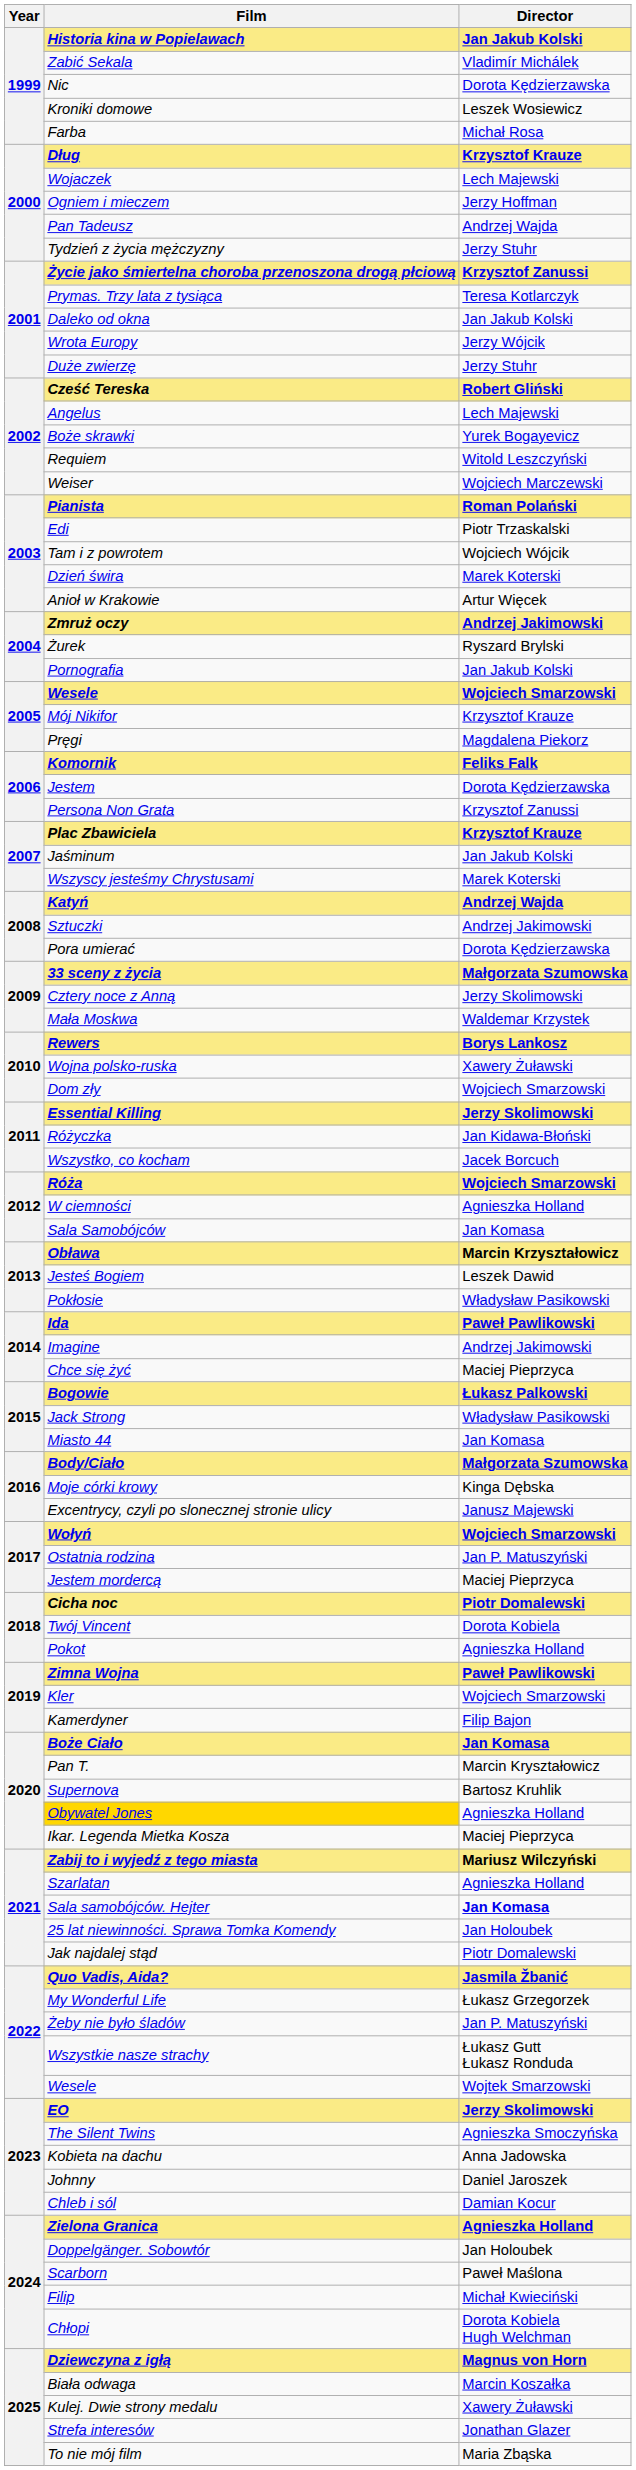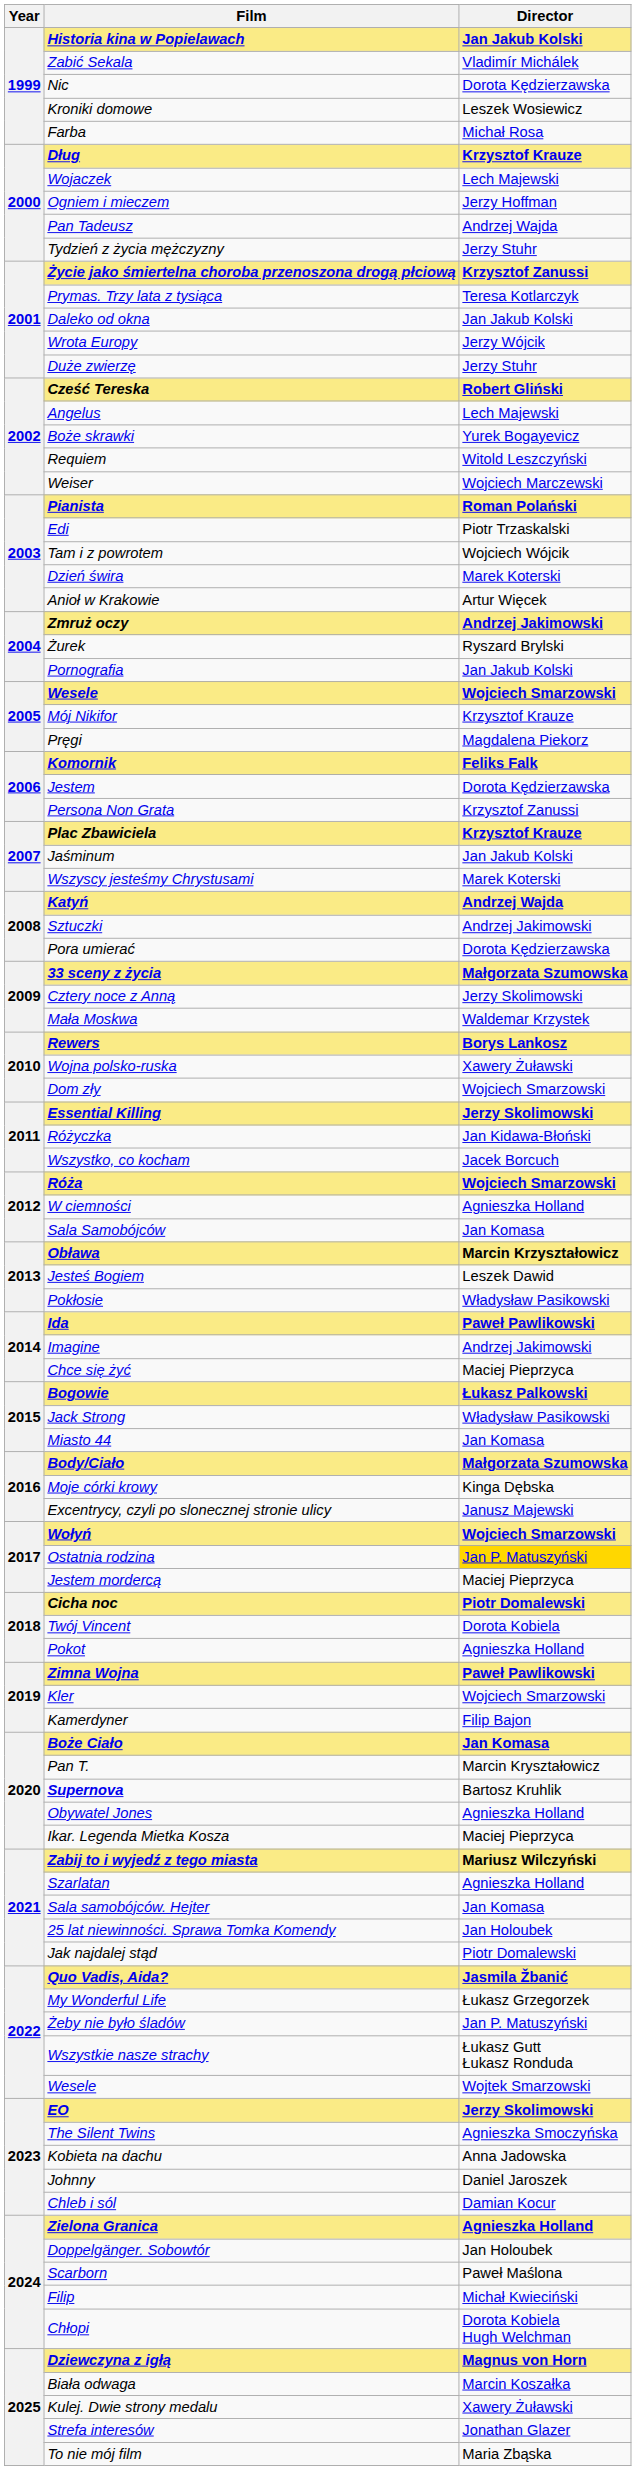 <table class="wikitable">
 <tr>
 <th>Year</th>
 <th>Film</th>
 <th>Director</th>
 </tr>
 <tr>
 <th rowspan="5"><a href='#'>1999</a></th>
 <td style="background:#FAEB86;"><strong><em><a href='#'>Historia kina w Popielawach</a></em></strong></td>
 <td style="background:#FAEB86;"><strong><a href='#'>Jan Jakub Kolski</a></strong></td>
 </tr>
 <tr>
 <td><em><a href='#'>Zabić Sekala</a></em></td>
 <td><a href='#'>Vladimír Michálek</a></td>
 </tr>
 <tr>
 <td><em>Nic</em></td>
 <td><a href='#'>Dorota Kędzierzawska</a></td>
 </tr>
 <tr>
 <td><em>Kroniki domowe</em></td>
 <td>Leszek Wosiewicz</td>
 </tr>
 <tr>
 <td><em>Farba</em></td>
 <td><a href='#'>Michał Rosa</a></td>
 </tr>
 <tr>
 <th rowspan="5"><a href='#'>2000</a></th>
 <td style="background:#FAEB86;"><strong><em><a href='#'>Dług</a></em></strong></td>
 <td style="background:#FAEB86;"><strong><a href='#'>Krzysztof Krauze</a></strong></td>
 </tr>
 <tr>
 <td><em><a href='#'>Wojaczek</a></em></td>
 <td><a href='#'>Lech Majewski</a></td>
 </tr>
 <tr>
 <td><em><a href='#'>Ogniem i mieczem</a></em></td>
 <td><a href='#'>Jerzy Hoffman</a></td>
 </tr>
 <tr>
 <td><em><a href='#'>Pan Tadeusz</a></em></td>
 <td><a href='#'>Andrzej Wajda</a></td>
 </tr>
 <tr>
 <td><em>Tydzień z życia mężczyzny</em></td>
 <td><a href='#'>Jerzy Stuhr</a></td>
 </tr>
 <tr>
 <th rowspan="5"><a href='#'>2001</a></th>
 <td style="background:#FAEB86;"><strong><em><a href='#'>Życie jako śmiertelna choroba przenoszona drogą płciową</a></em></strong></td>
 <td style="background:#FAEB86;"><strong><a href='#'>Krzysztof Zanussi</a></strong></td>
 </tr>
 <tr>
 <td><em><a href='#'>Prymas. Trzy lata z tysiąca</a></em></td>
 <td><a href='#'>Teresa Kotlarczyk</a></td>
 </tr>
 <tr>
 <td><em><a href='#'>Daleko od okna</a></em></td>
 <td><a href='#'>Jan Jakub Kolski</a></td>
 </tr>
 <tr>
 <td><em><a href='#'>Wrota Europy</a></em></td>
 <td><a href='#'>Jerzy Wójcik</a></td>
 </tr>
 <tr>
 <td><em><a href='#'>Duże zwierzę</a></em></td>
 <td><a href='#'>Jerzy Stuhr</a></td>
 </tr>
 <tr>
 <th rowspan="5"><a href='#'>2002</a></th>
 <td style="background:#FAEB86;"><strong><em>Cześć Tereska</em></strong></td>
 <td style="background:#FAEB86;"><strong><a href='#'>Robert Gliński</a></strong></td>
 </tr>
 <tr>
 <td><em><a href='#'>Angelus</a></em></td>
 <td><a href='#'>Lech Majewski</a></td>
 </tr>
 <tr>
 <td><em><a href='#'>Boże skrawki</a></em></td>
 <td><a href='#'>Yurek Bogayevicz</a></td>
 </tr>
 <tr>
 <td><em>Requiem</em></td>
 <td><a href='#'>Witold Leszczyński</a></td>
 </tr>
 <tr>
 <td><em>Weiser</em></td>
 <td><a href='#'>Wojciech Marczewski</a></td>
 </tr>
 <tr>
 <th rowspan= "5"><a href='#'>2003</a></th>
 <td style="background:#FAEB86;"><strong><em><a href='#'>Pianista</a></em></strong></td>
 <td style="background:#FAEB86;"><strong><a href='#'>Roman Polański</a></strong></td>
 </tr>
 <tr>
 <td><em><a href='#'>Edi</a></em></td>
 <td>Piotr Trzaskalski</td>
 </tr>
 <tr>
 <td><em>Tam i z powrotem</em></td>
 <td>Wojciech Wójcik</td>
 </tr>
 <tr>
 <td><em><a href='#'>Dzień świra</a></em></td>
 <td><a href='#'>Marek Koterski</a></td>
 </tr>
 <tr>
 <td><em>Anioł w Krakowie</em></td>
 <td>Artur Więcek</td>
 </tr>
 <tr>
 <th rowspan= "3"><a href='#'>2004</a></th>
 <td style="background:#FAEB86;"><strong><em>Zmruż oczy</em></strong></td>
 <td style="background:#FAEB86;"><strong><a href='#'>Andrzej Jakimowski</a></strong></td>
 </tr>
 <tr>
 <td><em>Żurek</em></td>
 <td>Ryszard Brylski</td>
 </tr>
 <tr>
 <td><em><a href='#'>Pornografia</a></em></td>
 <td><a href='#'>Jan Jakub Kolski</a></td>
 </tr>
 <tr>
 <th rowspan= "3"><a href='#'>2005</a></th>
 <td style="background:#FAEB86;"><strong><em><a href='#'>Wesele</a></em></strong></td>
 <td style="background:#FAEB86;"><strong><a href='#'>Wojciech Smarzowski</a></strong></td>
 </tr>
 <tr>
 <td><em><a href='#'>Mój Nikifor</a></em></td>
 <td><a href='#'>Krzysztof Krauze</a></td>
 </tr>
 <tr>
 <td><em>Pręgi</em></td>
 <td><a href='#'>Magdalena Piekorz</a></td>
 </tr>
 <tr>
 <th rowspan= "3"><a href='#'>2006</a></th>
 <td style="background:#FAEB86;"><strong><em><a href='#'>Komornik</a></em></strong></td>
 <td style="background:#FAEB86;"><strong><a href='#'>Feliks Falk</a></strong></td>
 </tr>
 <tr>
 <td><em><a href='#'>Jestem</a></em></td>
 <td><a href='#'>Dorota Kędzierzawska</a></td>
 </tr>
 <tr>
 <td><em><a href='#'>Persona Non Grata</a></em></td>
 <td><a href='#'>Krzysztof Zanussi</a></td>
 </tr>
 <tr>
 <th rowspan= "3"><a href='#'>2007</a></th>
 <td style="background:#FAEB86;"><strong><em>Plac Zbawiciela</em></strong></td>
 <td style="background:#FAEB86;"><strong><a href='#'>Krzysztof Krauze</a></strong></td>
 </tr>
 <tr>
 <td><em>Jaśminum</em></td>
 <td><a href='#'>Jan Jakub Kolski</a></td>
 </tr>
 <tr>
 <td><em><a href='#'>Wszyscy jesteśmy Chrystusami</a></em></td>
 <td><a href='#'>Marek Koterski</a></td>
 </tr>
 <tr>
 <th rowspan="3">2008</th>
 <td style="background:#FAEB86;"><strong><em><a href='#'>Katyń</a></em></strong></td>
 <td style="background:#FAEB86;"><strong><a href='#'>Andrzej Wajda</a></strong></td>
 </tr>
 <tr>
 <td><em><a href='#'>Sztuczki</a></em></td>
 <td><a href='#'>Andrzej Jakimowski</a></td>
 </tr>
 <tr>
 <td><em>Pora umierać</em></td>
 <td><a href='#'>Dorota Kędzierzawska</a></td>
 </tr>
 <tr>
 <th rowspan="3">2009</th>
 <td style="background:#FAEB86;"><strong><em><a href='#'>33 sceny z życia</a></em></strong></td>
 <td style="background:#FAEB86;"><strong><a href='#'>Małgorzata Szumowska</a></strong></td>
 </tr>
 <tr>
 <td><em><a href='#'>Cztery noce z Anną</a></em></td>
 <td><a href='#'>Jerzy Skolimowski</a></td>
 </tr>
 <tr>
 <td><em><a href='#'>Mała Moskwa</a></em></td>
 <td><a href='#'>Waldemar Krzystek</a></td>
 </tr>
 <tr>
 <th rowspan= "3">2010</th>
 <td style="background:#FAEB86;"><strong><em><a href='#'>Rewers</a></em></strong></td>
 <td style="background:#FAEB86;"><strong><a href='#'>Borys Lankosz</a></strong></td>
 </tr>
 <tr>
 <td><em><a href='#'>Wojna polsko-ruska</a></em></td>
 <td><a href='#'>Xawery Żuławski</a></td>
 </tr>
 <tr>
 <td><em><a href='#'>Dom zły</a></em></td>
 <td><a href='#'>Wojciech Smarzowski</a></td>
 </tr>
 <tr>
 <th rowspan="3">2011</th>
 <td style="background:#FAEB86;"><strong><em><a href='#'>Essential Killing</a></em></strong></td>
 <td style="background:#FAEB86;"><strong><a href='#'>Jerzy Skolimowski</a></strong></td>
 </tr>
 <tr>
 <td><em><a href='#'>Różyczka</a></em></td>
 <td><a href='#'>Jan Kidawa-Błoński</a></td>
 </tr>
 <tr>
 <td><em><a href='#'>Wszystko, co kocham</a></em></td>
 <td><a href='#'>Jacek Borcuch</a></td>
 </tr>
 <tr>
 <th rowspan="3">2012</th>
 <td style="background:#FAEB86;"><strong><em><a href='#'>Róża</a></em></strong></td>
 <td style="background:#FAEB86;"><strong><a href='#'>Wojciech Smarzowski</a></strong></td>
 </tr>
 <tr>
 <td><em><a href='#'>W ciemności</a></em></td>
 <td><a href='#'>Agnieszka Holland</a></td>
 </tr>
 <tr>
 <td><em><a href='#'>Sala Samobójców</a></em></td>
 <td><a href='#'>Jan Komasa</a></td>
 </tr>
 <tr>
 <th rowspan="3">2013</th>
 <td style="background:#FAEB86;"><strong><em><a href='#'>Obława</a></em></strong></td>
 <td style="background:#FAEB86;"><strong>Marcin Krzyształowicz</strong></td>
 </tr>
 <tr>
 <td><em><a href='#'>Jesteś Bogiem</a></em></td>
 <td>Leszek Dawid</td>
 </tr>
 <tr>
 <td><em><a href='#'>Pokłosie</a></em></td>
 <td><a href='#'>Władysław Pasikowski</a></td>
 </tr>
 <tr>
 <th rowspan="3">2014</th>
 <td style="background:#FAEB86;"><strong><em><a href='#'>Ida</a></em></strong></td>
 <td style="background:#FAEB86;"><strong><a href='#'>Paweł Pawlikowski</a></strong></td>
 </tr>
 <tr>
 <td><em><a href='#'>Imagine</a></em></td>
 <td><a href='#'>Andrzej Jakimowski</a></td>
 </tr>
 <tr>
 <td><em><a href='#'>Chce się żyć</a></em></td>
 <td>Maciej Pieprzyca</td>
 </tr>
 <tr>
 <th rowspan="3">2015</th>
 <td style="background:#FAEB86;"><strong><em><a href='#'>Bogowie</a></em></strong></td>
 <td style="background:#FAEB86;"><strong><a href='#'>Łukasz Palkowski</a></strong></td>
 </tr>
 <tr>
 <td><em><a href='#'>Jack Strong</a></em></td>
 <td><a href='#'>Władysław Pasikowski</a></td>
 </tr>
 <tr>
 <td><em><a href='#'> Miasto 44</a></em></td>
 <td><a href='#'>Jan Komasa</a></td>
 </tr>
 <tr>
 <th rowspan="3">2016</th>
 <td style="background:#FAEB86;"><strong><em><a href='#'> Body/Ciało</a></em></strong></td>
 <td style="background:#FAEB86;"><strong><a href='#'>Małgorzata Szumowska</a></strong></td>
 </tr>
 <tr>
 <td><em><a href='#'>Moje córki krowy</a></em></td>
 <td>Kinga Dębska</td>
 </tr>
 <tr>
 <td><em>Excentrycy, czyli po slonecznej stronie ulicy</em></td>
 <td><a href='#'>Janusz Majewski</a></td>
 </tr>
 <tr>
 <th rowspan="3">2017</th>
 <td style="background:#FAEB86;"><strong><em><a href='#'>Wołyń</a></em></strong></td>
 <td style="background:#FAEB86;"><strong><a href='#'>Wojciech Smarzowski</a></strong></td>
 </tr>
 <tr>
 <td><em><a href='#'>Ostatnia rodzina</a></em></td>
-<td><a href='#'>Jan P. Matuszyński</a></td>
+<td style="background: gold;"><a href='#'>Jan P. Matuszyński</a></td>
 </tr>
 <tr>
 <td><em><a href='#'>Jestem mordercą</a></em></td>
 <td>Maciej Pieprzyca</td>
 </tr>
 <tr>
 <th rowspan="3">2018</th>
 <td style="background:#FAEB86;"><strong><em>Cicha noc</em></strong></td>
 <td style="background:#FAEB86;"><strong><a href='#'>Piotr Domalewski</a></strong></td>
 </tr>
 <tr>
 <td><em><a href='#'>Twój Vincent</a></em></td>
 <td><a href='#'>Dorota Kobiela</a></td>
 </tr>
 <tr>
 <td><em><a href='#'>Pokot</a></em></td>
 <td><a href='#'>Agnieszka Holland</a></td>
 </tr>
 <tr>
 <th rowspan="3">2019</th>
 <td style="background:#FAEB86;"><strong><em><a href='#'>Zimna Wojna</a></em></strong></td>
 <td style="background:#FAEB86;"><strong><a href='#'>Paweł Pawlikowski</a></strong></td>
 </tr>
 <tr>
 <td><em><a href='#'>Kler</a></em></td>
 <td><a href='#'>Wojciech Smarzowski</a></td>
 </tr>
 <tr>
 <td><em>Kamerdyner</em></td>
 <td><a href='#'>Filip Bajon</a></td>
 </tr>
 <tr>
 <th rowspan="5">2020</th>
 <td style="background:#FAEB86;"><strong><em><a href='#'>Boże Ciało</a></em></strong></td>
 <td style="background:#FAEB86;"><strong><a href='#'>Jan Komasa</a></strong></td>
 </tr>
 <tr>
 <td><em>Pan T.</em></td>
 <td>Marcin Kryształowicz</td>
 </tr>
 <tr>
-<td><em><a href='#'>Supernova</a></em></td>
+<td><strong><em><a href='#'>Supernova</a></em></strong></td>
 <td>Bartosz Kruhlik</td>
 </tr>
 <tr>
-<td style="background: gold;"><em><a href='#'>Obywatel Jones</a></em></td>
+<td><em><a href='#'>Obywatel Jones</a></em></td>
 <td><a href='#'>Agnieszka Holland</a></td>
 </tr>
 <tr>
 <td><em>Ikar. Legenda Mietka Kosza</em></td>
 <td>Maciej Pieprzyca</td>
 </tr>
 <tr>
 <th rowspan="5"><a href='#'>2021</a></th>
 <td style="background:#FAEB86;"><strong><em><a href='#'>Zabij to i wyjedź z tego miasta</a></em></strong></td>
 <td style="background:#FAEB86;"><strong>Mariusz Wilczyński</strong></td>
 </tr>
 <tr>
 <td><em><a href='#'>Szarlatan</a></em></td>
 <td><a href='#'>Agnieszka Holland</a></td>
 </tr>
 <tr>
 <td><em><a href='#'>Sala samobójców. Hejter</a></em></td>
-<td><strong><a href='#'>Jan Komasa</a></strong></td>
+<td><a href='#'>Jan Komasa</a></td>
 </tr>
 <tr>
 <td><em><a href='#'>25 lat niewinności. Sprawa Tomka Komendy</a></em></td>
 <td><a href='#'>Jan Holoubek</a></td>
 </tr>
 <tr>
 <td><em>Jak najdalej stąd</em></td>
 <td><a href='#'>Piotr Domalewski</a></td>
 </tr>
 <tr>
 <th rowspan="5"><a href='#'>2022</a></th>
 <td style="background:#FAEB86;"><strong><em><a href='#'>Quo Vadis, Aida?</a></em></strong></td>
 <td style="background:#FAEB86;"><strong><a href='#'>Jasmila Žbanić</a></strong></td>
 </tr>
 <tr>
 <td><em><a href='#'>My Wonderful Life</a></em></td>
 <td>Łukasz Grzegorzek</td>
 </tr>
 <tr>
 <td><em><a href='#'>Żeby nie było śladów</a></em></td>
 <td><a href='#'>Jan P. Matuszyński</a></td>
 </tr>
 <tr>
 <td><em><a href='#'>Wszystkie nasze strachy</a></em></td>
 <td>Łukasz Gutt<br>Łukasz Ronduda</td>
 </tr>
 <tr>
 <td><em><a href='#'>Wesele</a></em></td>
 <td><a href='#'>Wojtek Smarzowski</a></td>
 </tr>
 <tr>
 <th rowspan="5">2023</th>
 <td style="background:#FAEB86;"><strong><em><a href='#'>EO</a></em></strong></td>
 <td style="background:#FAEB86;"><strong><a href='#'>Jerzy Skolimowski</a></strong></td>
 </tr>
 <tr>
 <td><em><a href='#'>The Silent Twins</a></em></td>
 <td><a href='#'>Agnieszka Smoczyńska</a></td>
 </tr>
 <tr>
 <td><em>Kobieta na dachu</em></td>
 <td>Anna Jadowska</td>
 </tr>
 <tr>
 <td><em>Johnny</em></td>
 <td>Daniel Jaroszek</td>
 </tr>
 <tr>
 <td><em><a href='#'>Chleb i sól</a></em></td>
 <td><a href='#'>Damian Kocur</a></td>
 </tr>
 <tr>
 <th rowspan="5">2024</th>
 <td style="background:#FAEB86;"><strong><em><a href='#'>Zielona Granica</a></em></strong></td>
 <td style="background:#FAEB86;"><strong><a href='#'>Agnieszka Holland</a></strong></td>
 </tr>
 <tr>
 <td><a href='#'><em>Doppelgänger. Sobowtór</em></a></td>
 <td>Jan Holoubek</td>
 </tr>
 <tr>
 <td><em><a href='#'>Scarborn</a></em></td>
 <td>Paweł Maślona</td>
 </tr>
 <tr>
 <td><a href='#'><em>Filip</em></a></td>
 <td><a href='#'>Michał Kwieciński</a></td>
 </tr>
 <tr>
 <td><a href='#'><em>Chłopi</em></a></td>
 <td><a href='#'>Dorota Kobiela</a><br><a href='#'>Hugh Welchman</a></td>
 </tr>
 <tr>
 <th rowspan="5">2025</th>
 <td style="background:#FAEB86;"><strong><em><a href='#'>Dziewczyna z igłą</a></em></strong></td>
 <td style="background:#FAEB86;"><strong><a href='#'>Magnus von Horn</a></strong></td>
 </tr>
 <tr>
 <td><em>Biała odwaga</em></td>
 <td><a href='#'>Marcin Koszałka</a></td>
 </tr>
 <tr>
 <td><em>Kulej. Dwie strony medalu</em></td>
 <td><a href='#'>Xawery Żuławski</a></td>
 </tr>
 <tr>
 <td><a href='#'><em>Strefa interesów</em></a></td>
 <td><a href='#'>Jonathan Glazer</a></td>
 </tr>
 <tr>
 <td><em>To nie mój film</em></td>
 <td>Maria Zbąska</td>
 </tr>
 </table>
